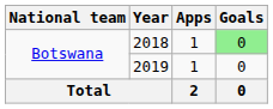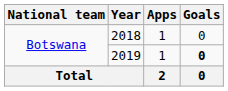 <table class="wikitable" style="text-align:center">
 <tr>
 <th>National team</th>
 <th>Year</th>
 <th>Apps</th>
 <th>Goals</th>
 </tr>
 <tr>
 <td rowspan="2"><a href='#'>Botswana</a></td>
 <td>2018</td>
 <td>1</td>
-<td style="background: lightgreen;">0</td>
+<td>0</td>
 </tr>
 <tr>
 <td>2019</td>
 <td>1</td>
-<td>0</td>
+<td><strong>0</strong></td>
 </tr>
 <tr>
 <th colspan=2>Total</th>
 <th>2</th>
 <th>0</th>
 </tr>
 </table>
